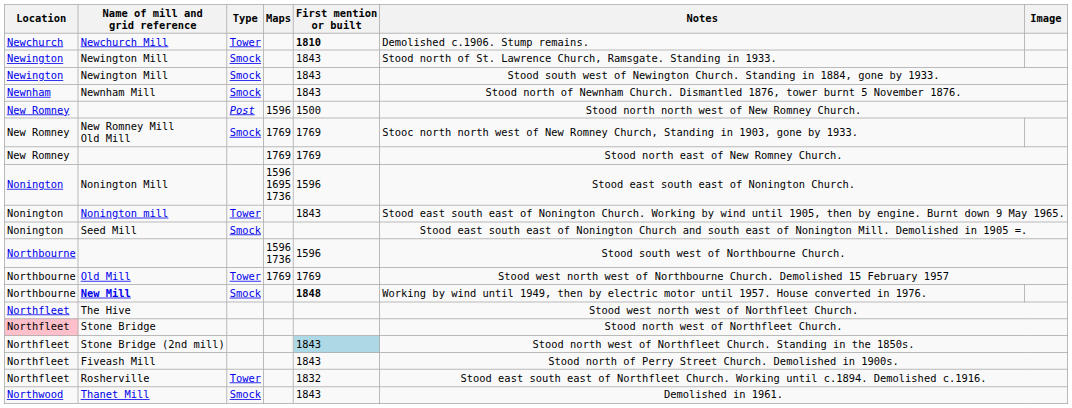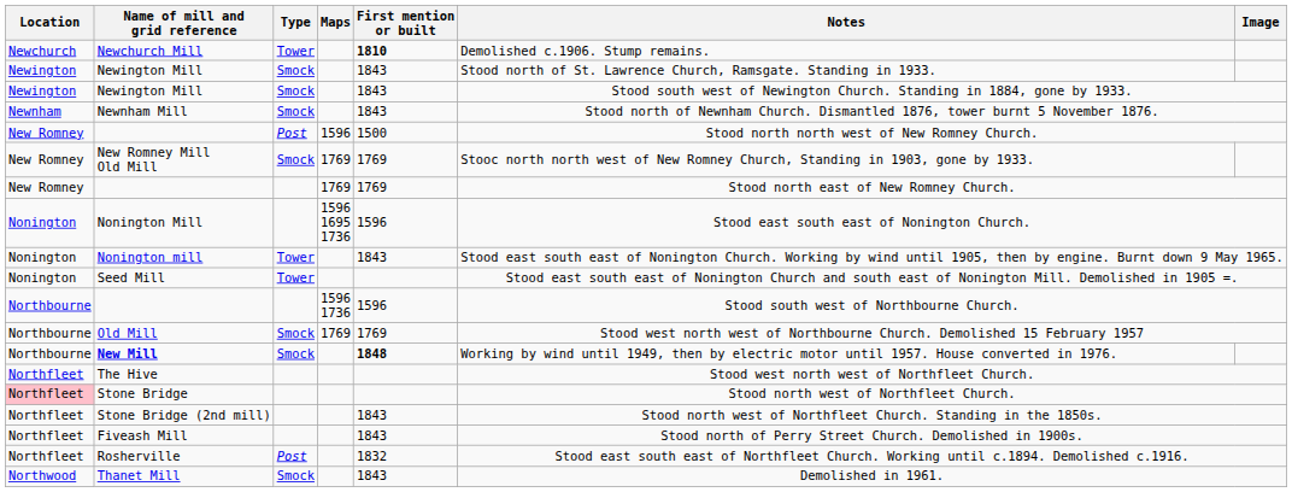 <table class="wikitable">
 <tr>
 <th>Location</th>
 <th>Name of mill and<br>grid reference</th>
 <th>Type</th>
 <th>Maps</th>
 <th>First mention<br>or built</th>
 <th>Notes</th>
 <th>Image</th>
 </tr>
 <tr>
 <td><a href='#'>Newchurch</a></td>
 <td><a href='#'>Newchurch Mill</a><br></td>
 <td><a href='#'>Tower</a></td>
 <td></td>
 <td><strong>1810</strong></td>
 <td>Demolished c.1906. Stump remains.</td>
 <td></td>
 </tr>
 <tr>
 <td><a href='#'>Newington</a></td>
 <td>Newington Mill</td>
 <td><a href='#'>Smock</a></td>
 <td></td>
 <td>1843</td>
 <td>Stood  north of St. Lawrence Church, Ramsgate. Standing in 1933.</td>
 <td></td>
 </tr>
 <tr>
 <td><a href='#'>Newington</a></td>
 <td>Newington Mill</td>
 <td><a href='#'>Smock</a></td>
 <td></td>
 <td>1843</td>
 <td colspan="2" style="text-align:center;">Stood  south west of Newington Church. Standing in 1884, gone by 1933.</td>
 </tr>
 <tr>
 <td><a href='#'>Newnham</a></td>
 <td>Newnham Mill</td>
 <td><a href='#'>Smock</a></td>
 <td></td>
 <td>1843</td>
 <td colspan="2" style="text-align:center;">Stood  north of Newnham Church. Dismantled 1876, tower burnt 5 November 1876.</td>
 </tr>
 <tr>
 <td><a href='#'>New Romney</a></td>
 <td></td>
 <td><em><a href='#'>Post</a></em></td>
 <td>1596</td>
 <td>1500</td>
 <td colspan="2" style="text-align:center;">Stood  north north west of New Romney Church.</td>
 </tr>
 <tr>
 <td>New Romney</td>
 <td>New Romney Mill<br>Old Mill</td>
 <td><a href='#'>Smock</a></td>
 <td>1769</td>
 <td>1769</td>
 <td>Stooc  north north west of New Romney Church, Standing in 1903, gone by 1933.</td>
 <td></td>
 </tr>
 <tr>
 <td>New Romney</td>
 <td></td>
 <td></td>
 <td>1769</td>
 <td>1769</td>
 <td colspan="2" style="text-align:center;">Stood  north east of New Romney Church.</td>
 </tr>
 <tr>
 <td><a href='#'>Nonington</a></td>
 <td>Nonington Mill</td>
 <td></td>
 <td>1596<br>1695<br>1736</td>
 <td>1596</td>
 <td colspan="2" style="text-align:center;">Stood  east south east of Nonington Church.</td>
 </tr>
 <tr>
 <td>Nonington</td>
 <td><a href='#'>Nonington mill</a></td>
 <td><a href='#'>Tower</a></td>
 <td></td>
 <td>1843</td>
 <td colspan="2" style="text-align:center;">Stood  east south east of Nonington Church. Working by wind until 1905, then by engine. Burnt down 9 May 1965.</td>
 </tr>
 <tr>
 <td>Nonington</td>
 <td>Seed Mill</td>
-<td><a href='#'>Smock</a></td>
+<td><a href='#'>Tower</a></td>
 <td></td>
 <td></td>
 <td colspan="2" style="text-align:center;">Stood  east south east of Nonington Church and  south east of Nonington Mill. Demolished in 1905 =.</td>
 </tr>
 <tr>
 <td><a href='#'>Northbourne</a></td>
 <td></td>
 <td></td>
 <td>1596<br>1736</td>
 <td>1596</td>
 <td colspan="2" style="text-align:center">Stood  south west of Northbourne Church.</td>
 </tr>
 <tr>
 <td>Northbourne</td>
 <td><a href='#'>Old Mill</a></td>
-<td><a href='#'>Tower</a></td>
+<td><a href='#'>Smock</a></td>
 <td>1769</td>
 <td>1769</td>
 <td colspan="2" style="text-align:center;">Stood  west north west of Northbourne Church. Demolished 15 February 1957</td>
 </tr>
 <tr>
 <td>Northbourne</td>
 <td><strong><a href='#'>New Mill</a></strong><br></td>
 <td><a href='#'>Smock</a></td>
 <td></td>
 <td><strong>1848</strong></td>
 <td>Working by wind until 1949, then by electric motor until 1957. House converted in 1976.</td>
 <td><br></td>
 </tr>
 <tr>
 <td><a href='#'>Northfleet</a></td>
 <td>The Hive</td>
 <td></td>
 <td></td>
 <td></td>
 <td colspan="2" style="text-align:center;">Stood  west north west of Northfleet Church.</td>
 </tr>
 <tr>
 <td style="background: pink;">Northfleet</td>
 <td>Stone Bridge</td>
 <td></td>
 <td></td>
 <td></td>
 <td colspan="2" style="text-align:center;">Stood  north west of Northfleet Church.</td>
 </tr>
 <tr>
 <td>Northfleet</td>
 <td>Stone Bridge (2nd mill)</td>
 <td></td>
 <td></td>
-<td style="background: lightblue;">1843</td>
+<td>1843</td>
 <td colspan="2" style="text-align:center;">Stood  north west of Northfleet Church. Standing in the 1850s.</td>
 </tr>
 <tr>
 <td>Northfleet</td>
 <td>Fiveash Mill</td>
 <td></td>
 <td></td>
 <td>1843</td>
 <td colspan="2" style="text-align:center;">Stood  north of Perry Street Church. Demolished in 1900s.</td>
 </tr>
 <tr>
 <td>Northfleet</td>
 <td>Rosherville</td>
-<td><a href='#'>Tower</a></td>
+<td><em><a href='#'>Post</a></em></td>
 <td></td>
 <td>1832</td>
 <td colspan="2" style="text-align:center;">Stood  east south east of Northfleet Church. Working until c.1894. Demolished c.1916.</td>
 </tr>
 <tr>
 <td><a href='#'>Northwood</a></td>
 <td><a href='#'>Thanet Mill</a><br></td>
 <td><a href='#'>Smock</a></td>
 <td></td>
 <td>1843</td>
 <td colspan="2" style="text-align:center;">Demolished in 1961.</td>
 </tr>
 </table>
